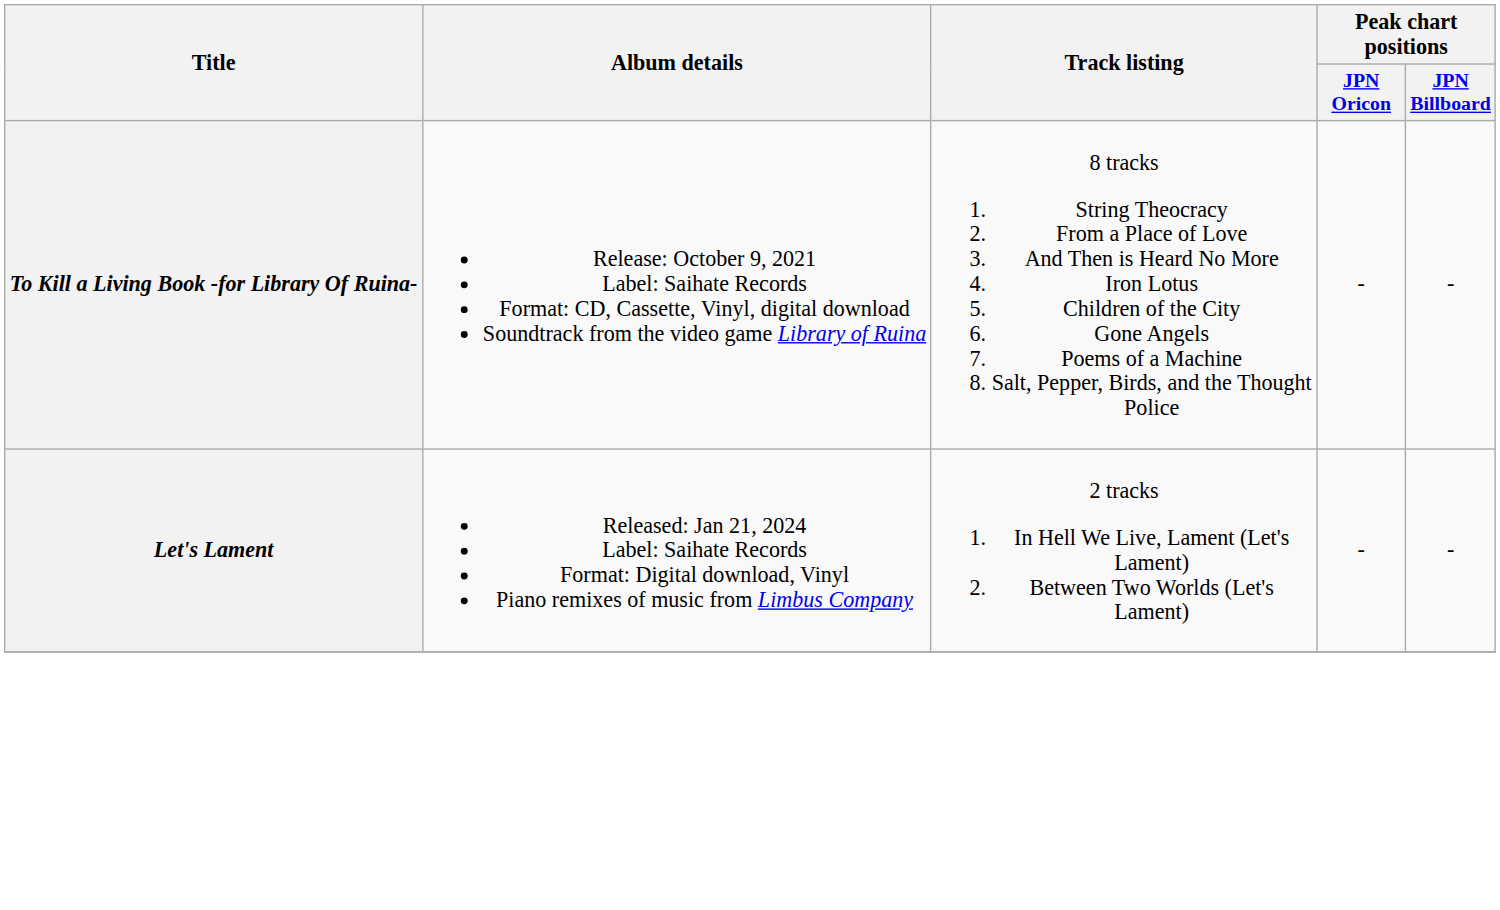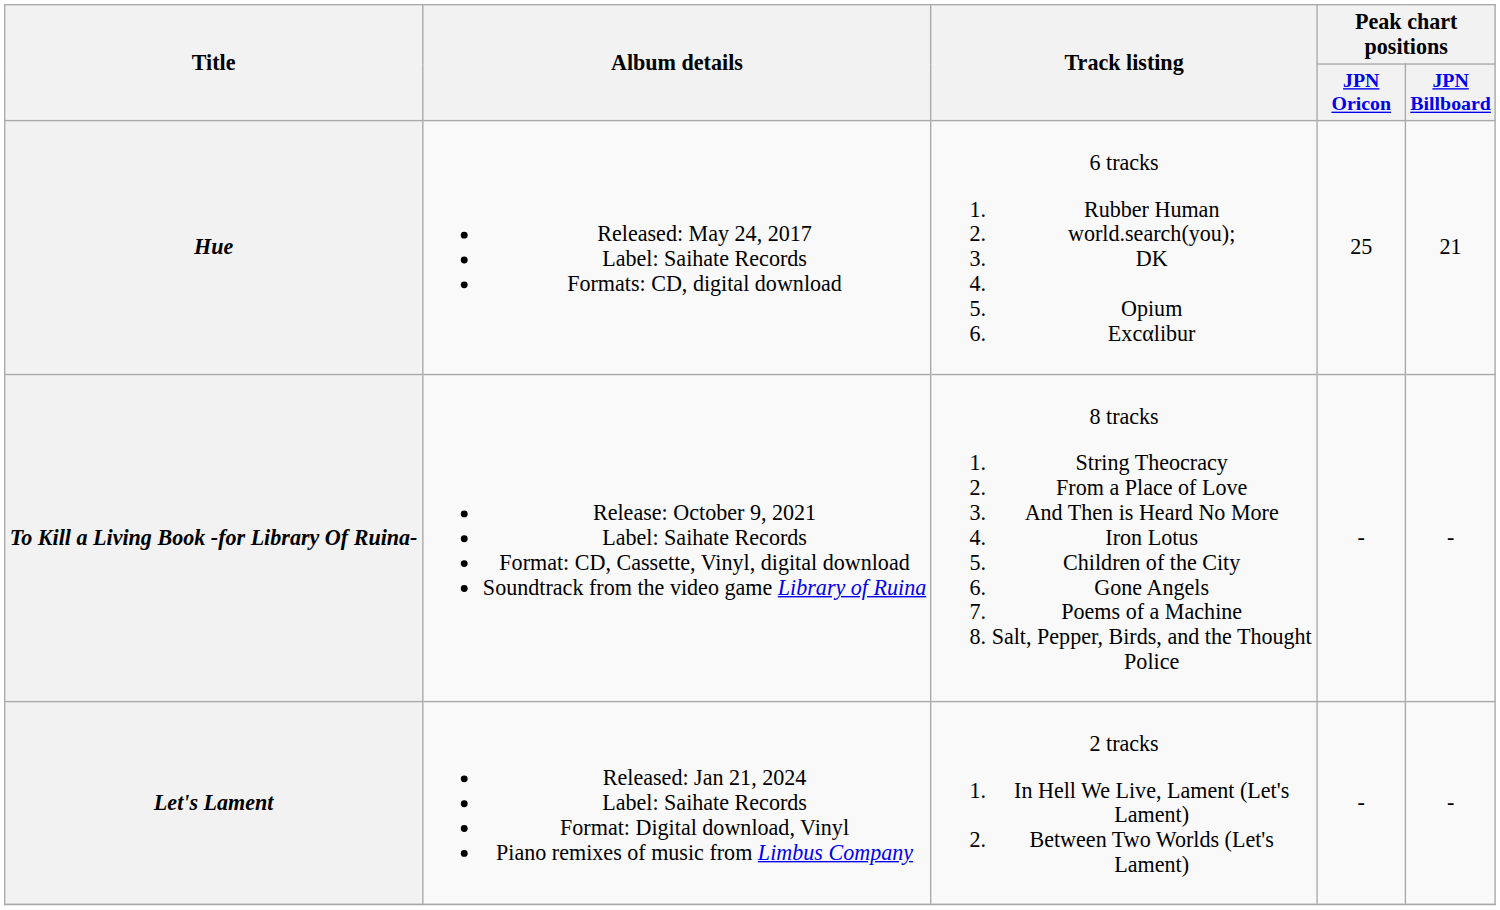 <table class="wikitable plainrowheaders" style="text-align:center;">
 <tr>
 <th scope="col" rowspan="2">Title</th>
 <th scope="col" rowspan="2">Album details</th>
 <th scope="col" rowspan="2">Track listing</th>
 <th scope="col" colspan="2">Peak chart positions</th>
 </tr>
 <tr>
 <th scope="col" style="width:4em;font-size:90%"><a href='#'>JPN<br>Oricon</a><br></th>
 <th scope="col" style="width:4em;font-size:90%"><a href='#'>JPN<br>Billboard</a></th>
+</tr>
+<tr>
+<th scope="row"><em>Hue</em></th>
+<td><br><ul><li>Released: May 24, 2017</li><li>Label: Saihate Records</li><li>Formats: CD, digital download</li></ul></td>
+<td style="width:17em"><br>6 tracks<ol><li>Rubber Human</li><li>world.search(you);</li><li>DK</li><li></li><li>Opium</li><li>Excαlibur</li></ol></td>
+<td>25</td>
+<td>21</td>
 </tr>
 <tr>
 <th scope="row"><em>To Kill a Living Book -for Library Of Ruina-</em></th>
 <td><br><ul><li>Release: October 9, 2021</li><li>Label: Saihate Records</li><li>Format: CD, Cassette, Vinyl, digital download</li><li>Soundtrack from the video game <em><a href='#'>Library of Ruina</a></em></li></ul></td>
 <td style="width:17em"><br>8 tracks<ol><li>String Theocracy</li><li>From a Place of Love</li><li>And Then is Heard No More</li><li>Iron Lotus</li><li>Children of the City</li><li>Gone Angels</li><li>Poems of a Machine</li><li>Salt, Pepper, Birds, and the Thought Police</li></ol></td>
 <td>-</td>
 <td>-</td>
 </tr>
 <tr>
 <th scope="row"><em>Let's Lament</em></th>
 <td><br><ul><li>Released: Jan 21, 2024</li><li>Label: Saihate Records</li><li>Format: Digital download, Vinyl</li><li>Piano remixes of music from <em><a href='#'>Limbus Company</a></em></li></ul></td>
 <td style="width:17em"><br>2 tracks<ol><li>In Hell We Live, Lament (Let's Lament)</li><li>Between Two Worlds (Let's Lament)</li></ol></td>
 <td>-</td>
 <td>-</td>
 </tr>
 <tr>
 </tr>
 </table>
